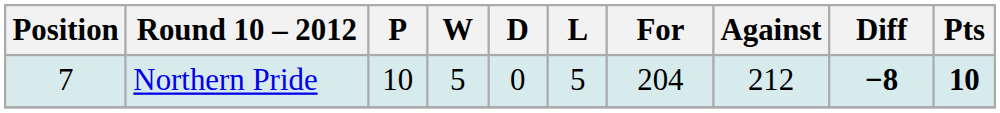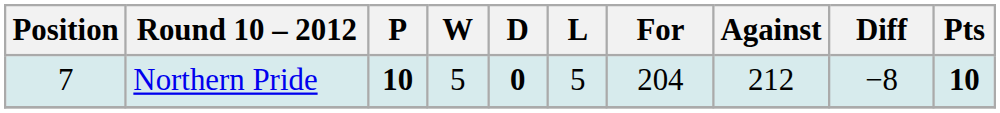 <table class="wikitable" style="text-align:center; font-size:85%;">
 <tr>
 <th width=40 abbr="Position">Position</th>
 <th width=100>Round 10 – 2012</th>
 <th width=20 abbr="Played">P</th>
 <th width=20 abbr="Won">W</th>
 <th width=20 abbr="Drawn">D</th>
 <th width=20 abbr="Lost">L</th>
 <th width=40 abbr="Points for">For</th>
 <th width=40 abbr="Points against">Against</th>
 <th width=40 abbr="Points difference">Diff</th>
 <th width=20 abbr="Points">Pts</th>
 </tr>
 <tr style="background: #d7ebed;">
 <td>7</td>
 <td style="text-align:left;"> <a href='#'>Northern Pride</a></td>
-<td>10</td>
+<td><strong>10</strong></td>
 <td>5</td>
-<td>0</td>
+<td><strong>0</strong></td>
 <td>5</td>
 <td>204</td>
 <td>212</td>
-<td><strong>−8</strong></td>
+<td>−8</td>
 <td><strong>10</strong></td>
 </tr>
 <tr>
 </tr>
 </table>
